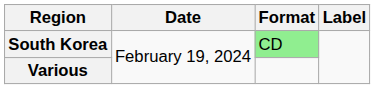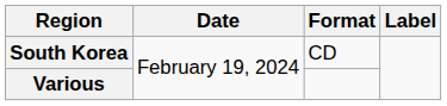 <table class="wikitable plainrowheaders">
 <tr>
 <th scope="col">Region</th>
 <th scope="col">Date</th>
 <th scope="col">Format</th>
 <th scope="col">Label</th>
 </tr>
 <tr>
 <th scope="row">South Korea</th>
 <td rowspan="2">February 19, 2024</td>
-<td style="background: lightgreen;">CD</td>
+<td>CD</td>
 <td rowspan="2"></td>
 </tr>
 <tr>
 <th scope="row">Various </th>
 <td></td>
 </tr>
 </table>
